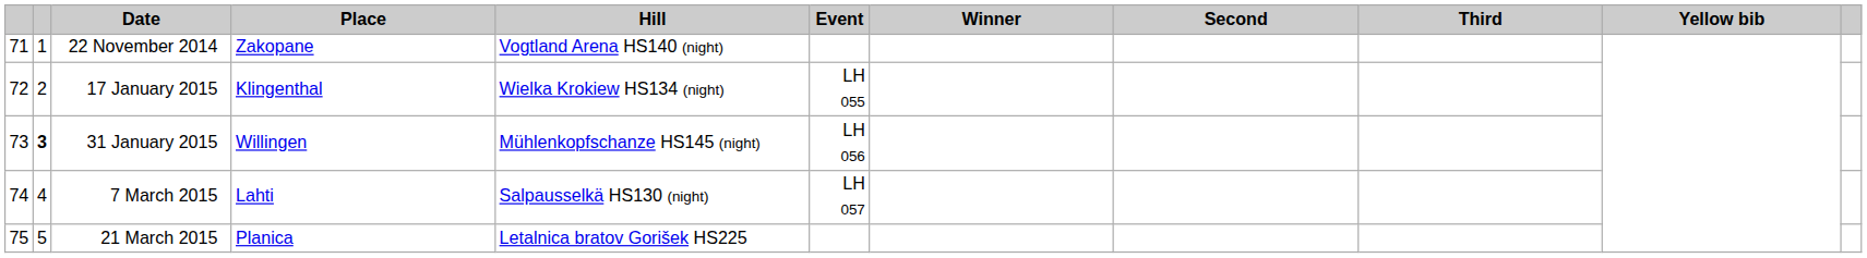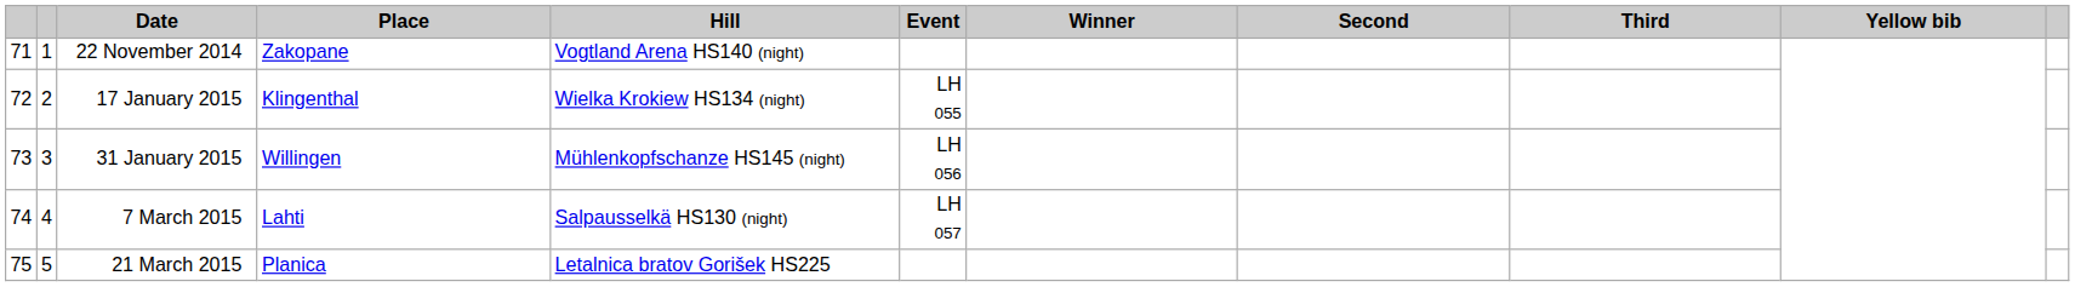 <table class="wikitable plainrowheaders" style="background:#fff; font-size:86%; line-height:16px; border:grey solid 1px; border-collapse:collapse;">
 <tr style="background:#ccc; text-align:center;">
 <th scope="col" style="background:#ccc; width=20 px;"></th>
 <th scope="col" style="background:#ccc; width=30 px;"></th>
 <th scope="col" style="background:#ccc; width:135px;">Date</th>
 <th scope="col" style="background:#ccc; width:200px;">Place</th>
 <th scope="col" style="background:#ccc; width:240px;">Hill</th>
 <th scope="col" style="background:#ccc; width:40px;">Event</th>
 <th scope="col" style="background:#ccc; width:185px;">Winner</th>
 <th scope="col" style="background:#ccc; width:185px;">Second</th>
 <th scope="col" style="background:#ccc; width:185px;">Third</th>
 <th scope="col" style="background:#ccc; width:180px;">Yellow bib</th>
 <th scope="col" style="background:#ccc; width:10px;"></th>
 </tr>
 <tr>
 <td align=center>71</td>
 <td align=center>1</td>
 <td align=right>22 November 2014  </td>
 <td> <a href='#'>Zakopane</a></td>
 <td><a href='#'>Vogtland Arena</a> HS140 <small>(night)</small></td>
 <td align=right></td>
 <td></td>
 <td></td>
 <td></td>
 <td rowspan=5></td>
 <td></td>
 </tr>
 <tr>
 <td align=center>72</td>
 <td align=center>2</td>
 <td align=right>17 January 2015  </td>
 <td> <a href='#'>Klingenthal</a></td>
 <td><a href='#'>Wielka Krokiew</a> HS134 <small>(night)</small></td>
 <td align=right>LH <sub>055</sub></td>
 <td></td>
 <td></td>
 <td></td>
 <td></td>
 </tr>
 <tr>
 <td align=center>73</td>
-<td align=center><strong>3</strong></td>
+<td align=center>3</td>
 <td align=right>31 January 2015  </td>
 <td> <a href='#'>Willingen</a></td>
 <td><a href='#'>Mühlenkopfschanze</a> HS145 <small>(night)</small></td>
 <td align=right>LH <sub>056</sub></td>
 <td></td>
 <td></td>
 <td></td>
 <td></td>
 </tr>
 <tr>
 <td align=center>74</td>
 <td align=center>4</td>
 <td align=right>7 March 2015  </td>
 <td> <a href='#'>Lahti</a></td>
 <td><a href='#'>Salpausselkä</a> HS130 <small>(night)</small></td>
 <td align=right>LH <sub>057</sub></td>
 <td></td>
 <td></td>
 <td></td>
 <td></td>
 </tr>
 <tr>
 <td align=center>75</td>
 <td align=center>5</td>
 <td align=right><small></small> 21 March 2015  </td>
 <td> <a href='#'>Planica</a></td>
 <td><a href='#'>Letalnica bratov Gorišek</a> HS225</td>
 <td align=right></td>
 <td></td>
 <td></td>
 <td></td>
 <td></td>
 </tr>
 </table>
